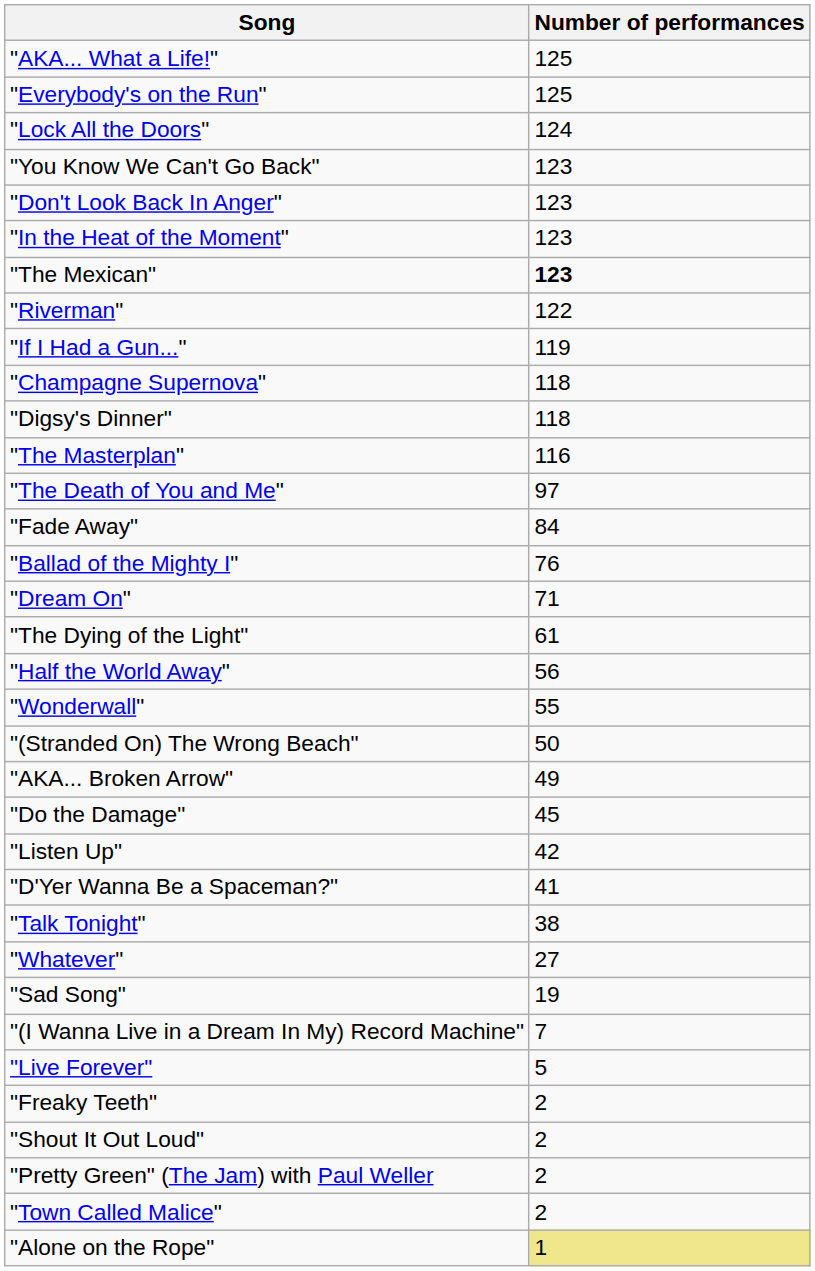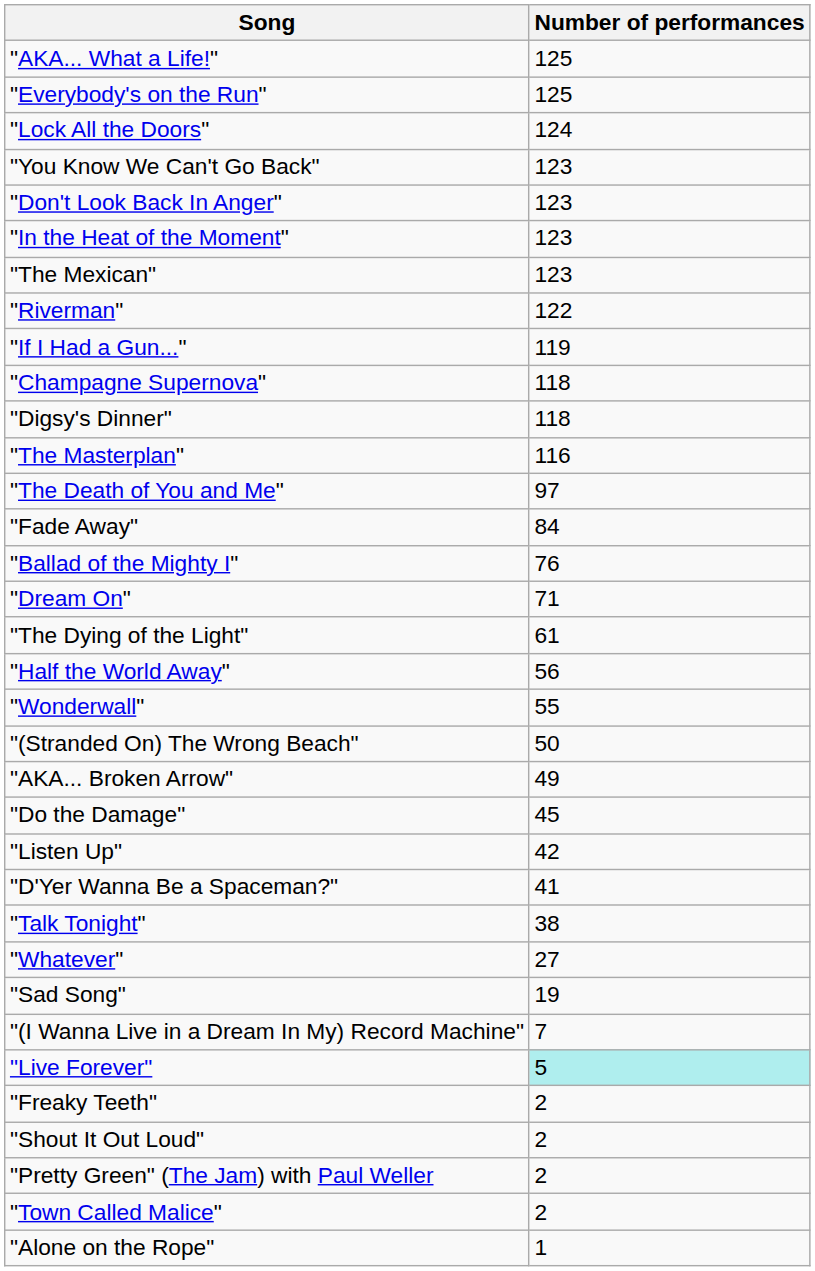 <table class="wikitable sortable">
 <tr>
 <th>Song</th>
 <th>Number of performances</th>
 </tr>
 <tr>
 <td>"<a href='#'>AKA... What a Life!</a>"</td>
 <td>125</td>
 </tr>
 <tr>
 <td>"<a href='#'>Everybody's on the Run</a>"</td>
 <td>125</td>
 </tr>
 <tr>
 <td>"<a href='#'>Lock All the Doors</a>"</td>
 <td>124</td>
 </tr>
 <tr>
 <td>"You Know We Can't Go Back"</td>
 <td>123</td>
 </tr>
 <tr>
 <td>"<a href='#'>Don't Look Back In Anger</a>"</td>
 <td>123</td>
 </tr>
 <tr>
 <td>"<a href='#'>In the Heat of the Moment</a>"</td>
 <td>123</td>
 </tr>
 <tr>
 <td>"The Mexican"</td>
-<td><strong>123</strong></td>
+<td>123</td>
 </tr>
 <tr>
 <td>"<a href='#'>Riverman</a>"</td>
 <td>122</td>
 </tr>
 <tr>
 <td>"<a href='#'>If I Had a Gun...</a>"</td>
 <td>119</td>
 </tr>
 <tr>
 <td>"<a href='#'>Champagne Supernova</a>"</td>
 <td>118</td>
 </tr>
 <tr>
 <td>"Digsy's Dinner"</td>
 <td>118</td>
 </tr>
 <tr>
 <td>"<a href='#'>The Masterplan</a>"</td>
 <td>116</td>
 </tr>
 <tr>
 <td>"<a href='#'>The Death of You and Me</a>"</td>
 <td>97</td>
 </tr>
 <tr>
 <td>"Fade Away"</td>
 <td>84</td>
 </tr>
 <tr>
 <td>"<a href='#'>Ballad of the Mighty I</a>"</td>
 <td>76</td>
 </tr>
 <tr>
 <td>"<a href='#'>Dream On</a>"</td>
 <td>71</td>
 </tr>
 <tr>
 <td>"The Dying of the Light"</td>
 <td>61</td>
 </tr>
 <tr>
 <td>"<a href='#'>Half the World Away</a>"</td>
 <td>56</td>
 </tr>
 <tr>
 <td>"<a href='#'>Wonderwall</a>"</td>
 <td>55</td>
 </tr>
 <tr>
 <td>"(Stranded On) The Wrong Beach"</td>
 <td>50</td>
 </tr>
 <tr>
 <td>"AKA... Broken Arrow"</td>
 <td>49</td>
 </tr>
 <tr>
 <td>"Do the Damage"</td>
 <td>45</td>
 </tr>
 <tr>
 <td>"Listen Up"</td>
 <td>42</td>
 </tr>
 <tr>
 <td>"D'Yer Wanna Be a Spaceman?"</td>
 <td>41</td>
 </tr>
 <tr>
 <td>"<a href='#'>Talk Tonight</a>"</td>
 <td>38</td>
 </tr>
 <tr>
 <td>"<a href='#'>Whatever</a>"</td>
 <td>27</td>
 </tr>
 <tr>
 <td>"Sad Song"</td>
 <td>19</td>
 </tr>
 <tr>
 <td>"(I Wanna Live in a Dream In My) Record Machine"</td>
 <td>7</td>
 </tr>
 <tr>
 <td><a href='#'>"Live Forever"</a></td>
-<td>5</td>
+<td style="background: paleturquoise;">5</td>
 </tr>
 <tr>
 <td>"Freaky Teeth"</td>
 <td>2</td>
 </tr>
 <tr>
 <td>"Shout It Out Loud"</td>
 <td>2</td>
 </tr>
 <tr>
 <td>"Pretty Green" (<a href='#'>The Jam</a>) with <a href='#'>Paul Weller</a></td>
 <td>2</td>
 </tr>
 <tr>
 <td>"<a href='#'>Town Called Malice</a>"</td>
 <td>2</td>
 </tr>
 <tr>
 <td>"Alone on the Rope"</td>
-<td style="background: khaki;">1</td>
+<td>1</td>
 </tr>
 </table>
